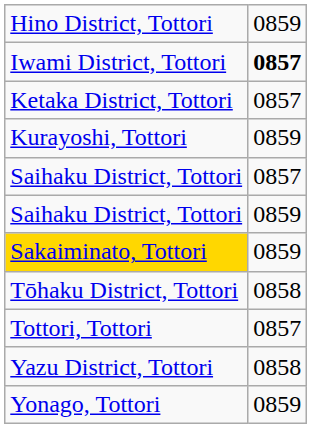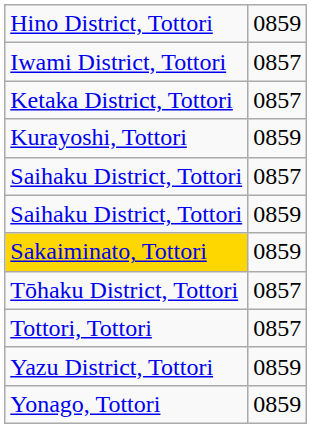 <table class="wikitable">
 <tr>
 <td><a href='#'>Hino District, Tottori</a></td>
 <td>0859</td>
 </tr>
 <tr>
 <td><a href='#'>Iwami District, Tottori</a></td>
-<td><strong>0857</strong></td>
+<td>0857</td>
 </tr>
 <tr>
 <td><a href='#'>Ketaka District, Tottori</a></td>
 <td>0857</td>
 </tr>
 <tr>
 <td><a href='#'>Kurayoshi, Tottori</a></td>
 <td>0859</td>
 </tr>
 <tr>
 <td><a href='#'>Saihaku District, Tottori</a></td>
 <td>0857</td>
 </tr>
 <tr>
 <td><a href='#'>Saihaku District, Tottori</a></td>
 <td>0859</td>
 </tr>
 <tr>
 <td style="background: gold;"><a href='#'>Sakaiminato, Tottori</a></td>
 <td>0859</td>
 </tr>
 <tr>
 <td><a href='#'>Tōhaku District, Tottori</a></td>
-<td>0858</td>
+<td>0857</td>
 </tr>
 <tr>
 <td><a href='#'>Tottori, Tottori</a></td>
 <td>0857</td>
 </tr>
 <tr>
 <td><a href='#'>Yazu District, Tottori</a></td>
-<td>0858</td>
+<td>0859</td>
 </tr>
 <tr>
 <td><a href='#'>Yonago, Tottori</a></td>
 <td>0859</td>
 </tr>
 </table>
